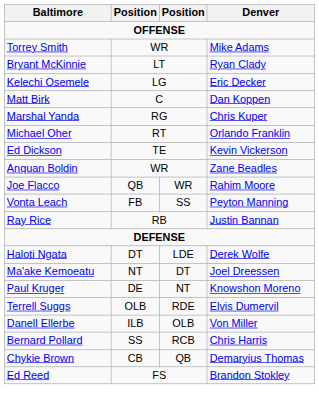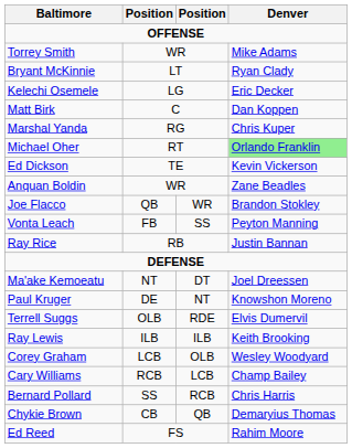 <table class="wikitable">
 <tr>
 <th style="width:150px;">Baltimore</th>
 <th>Position</th>
 <th>Position</th>
 <th style="width:150px;">Denver</th>
 </tr>
 <tr>
 <td colspan="4" style="text-align:center;"><strong>OFFENSE</strong></td>
 </tr>
 <tr>
 <td><a href='#'>Torrey Smith</a></td>
 <td colspan="2" style="text-align:center;">WR</td>
 <td><a href='#'>Mike Adams</a></td>
 </tr>
 <tr>
 <td><a href='#'>Bryant McKinnie</a></td>
 <td colspan="2" style="text-align:center;">LT</td>
 <td><a href='#'>Ryan Clady</a></td>
 </tr>
 <tr>
 <td><a href='#'>Kelechi Osemele</a></td>
 <td colspan="2" style="text-align:center;">LG</td>
 <td><a href='#'>Eric Decker</a></td>
 </tr>
 <tr>
 <td><a href='#'>Matt Birk</a></td>
 <td colspan="2" style="text-align:center;">C</td>
 <td><a href='#'>Dan Koppen</a></td>
 </tr>
 <tr>
 <td><a href='#'>Marshal Yanda</a></td>
 <td colspan="2" style="text-align:center;">RG</td>
 <td><a href='#'>Chris Kuper</a></td>
 </tr>
 <tr>
 <td><a href='#'>Michael Oher</a></td>
 <td colspan="2" style="text-align:center;">RT</td>
-<td><a href='#'>Orlando Franklin</a></td>
+<td style="background: lightgreen;"><a href='#'>Orlando Franklin</a></td>
 </tr>
 <tr>
 <td><a href='#'>Ed Dickson</a></td>
 <td colspan="2" style="text-align:center;">TE</td>
 <td><a href='#'>Kevin Vickerson</a></td>
 </tr>
 <tr>
 <td><a href='#'>Anquan Boldin</a></td>
 <td colspan="2" style="text-align:center;">WR</td>
 <td><a href='#'>Zane Beadles</a></td>
 </tr>
 <tr>
 <td><a href='#'>Joe Flacco</a></td>
 <td style="text-align:center;">QB</td>
 <td style="text-align:center;">WR</td>
-<td><a href='#'>Rahim Moore</a></td>
+<td><a href='#'>Brandon Stokley</a></td>
 </tr>
 <tr>
 <td><a href='#'>Vonta Leach</a></td>
 <td style="text-align:center;">FB</td>
 <td style="text-align:center;">SS</td>
 <td><a href='#'>Peyton Manning</a></td>
 </tr>
 <tr>
 <td><a href='#'>Ray Rice</a></td>
 <td colspan="2" style="text-align:center;">RB</td>
 <td><a href='#'>Justin Bannan</a></td>
 </tr>
 <tr>
 <td colspan="4" style="text-align:center;"><strong>DEFENSE</strong></td>
-</tr>
-<tr>
-<td><a href='#'>Haloti Ngata</a></td>
-<td style="text-align:center;">DT</td>
-<td style="text-align:center;">LDE</td>
-<td><a href='#'>Derek Wolfe</a></td>
 </tr>
 <tr>
 <td><a href='#'>Ma'ake Kemoeatu</a></td>
 <td style="text-align:center;">NT</td>
 <td style="text-align:center;">DT</td>
 <td><a href='#'>Joel Dreessen</a></td>
 </tr>
 <tr>
 <td><a href='#'>Paul Kruger</a></td>
 <td style="text-align:center;">DE</td>
 <td style="text-align:center;">NT</td>
 <td><a href='#'>Knowshon Moreno</a></td>
 </tr>
 <tr>
 <td><a href='#'>Terrell Suggs</a></td>
 <td style="text-align:center;">OLB</td>
 <td style="text-align:center;">RDE</td>
 <td><a href='#'>Elvis Dumervil</a></td>
 </tr>
 <tr>
-<td><a href='#'>Danell Ellerbe</a></td>
+<td><a href='#'>Ray Lewis</a></td>
 <td style="text-align:center;">ILB</td>
+<td style="text-align:center;">ILB</td>
+<td><a href='#'>Keith Brooking</a></td>
+</tr>
+<tr>
+<td><a href='#'>Corey Graham</a></td>
+<td style="text-align:center;">LCB</td>
 <td style="text-align:center;">OLB</td>
-<td><a href='#'>Von Miller</a></td>
+<td><a href='#'>Wesley Woodyard</a></td>
+</tr>
+<tr>
+<td><a href='#'>Cary Williams</a></td>
+<td style="text-align:center;">RCB</td>
+<td style="text-align:center;">LCB</td>
+<td><a href='#'>Champ Bailey</a></td>
 </tr>
 <tr>
 <td><a href='#'>Bernard Pollard</a></td>
 <td style="text-align:center;">SS</td>
 <td style="text-align:center;">RCB</td>
 <td><a href='#'>Chris Harris</a></td>
 </tr>
 <tr>
 <td><a href='#'>Chykie Brown</a></td>
 <td style="text-align:center;">CB</td>
 <td style="text-align:center;">QB</td>
 <td><a href='#'>Demaryius Thomas</a></td>
 </tr>
 <tr>
 <td><a href='#'>Ed Reed</a></td>
 <td colspan="2" style="text-align:center;">FS</td>
-<td><a href='#'>Brandon Stokley</a></td>
+<td><a href='#'>Rahim Moore</a></td>
 </tr>
 </table>
